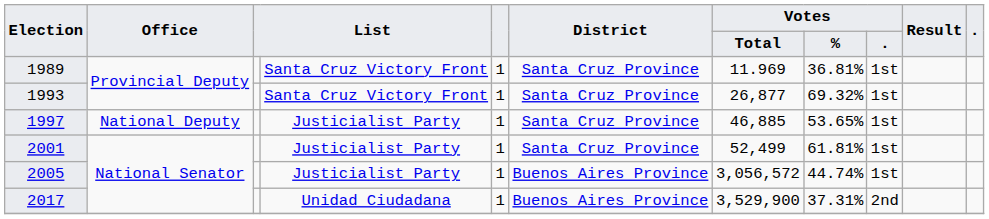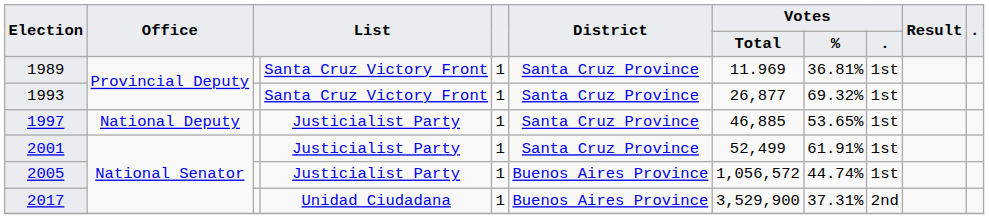 <table class="wikitable" style="font-size:90%; text-align:center;">
 <tr>
 <th style="background-color:#EAECF0;" rowspan=2>Election</th>
 <th style="background-color:#EAECF0;" rowspan=2>Office</th>
 <th style="background-color:#EAECF0;" colspan=2 rowspan=2>List</th>
 <th style="background-color:#EAECF0;" rowspan=2></th>
 <th style="background-color:#EAECF0;" rowspan=2>District</th>
 <th style="background-color:#EAECF0;" colspan=3>Votes</th>
 <th style="background-color:#EAECF0;" rowspan=2>Result</th>
 <th style="background-color:#EAECF0;" rowspan=2>.</th>
 </tr>
 <tr>
 <th style="background-color:#EAECF0;">Total</th>
 <th style="background-color:#EAECF0;">%</th>
 <th style="background-color:#EAECF0;">.</th>
 </tr>
 <tr>
 <td style="background-color:#EAECF0;">1989</td>
 <td rowspan="2"><a href='#'>Provincial Deputy</a></td>
 <td style="background-color:"></td>
 <td><a href='#'>Santa Cruz Victory Front</a></td>
 <td>1</td>
 <td><a href='#'>Santa Cruz Province</a></td>
 <td>11.969</td>
 <td>36.81%</td>
 <td>1st</td>
 <td></td>
 <td></td>
 </tr>
 <tr>
 <td style="background-color:#EAECF0;">1993</td>
 <td style="background-color:"></td>
 <td><a href='#'>Santa Cruz Victory Front</a></td>
 <td>1</td>
 <td><a href='#'>Santa Cruz Province</a></td>
 <td>26,877</td>
 <td>69.32%</td>
 <td>1st</td>
 <td></td>
 <td></td>
 </tr>
 <tr>
 <td style="background-color:#EAECF0;"><a href='#'>1997</a></td>
 <td><a href='#'>National Deputy</a></td>
 <td style="background-color:"></td>
 <td><a href='#'>Justicialist Party</a></td>
 <td>1</td>
 <td><a href='#'>Santa Cruz Province</a></td>
 <td>46,885</td>
 <td>53.65%</td>
 <td>1st</td>
 <td></td>
 <td></td>
 </tr>
 <tr>
 <td style="background-color:#EAECF0;"><a href='#'>2001</a></td>
 <td rowspan="3"><a href='#'>National Senator</a></td>
 <td style="background-color:"></td>
 <td><a href='#'>Justicialist Party</a></td>
 <td>1</td>
 <td><a href='#'>Santa Cruz Province</a></td>
 <td>52,499</td>
-<td>61.81%</td>
+<td>61.91%</td>
 <td>1st</td>
 <td></td>
 <td></td>
 </tr>
 <tr>
 <td style="background-color:#EAECF0;"><a href='#'>2005</a></td>
 <td style="background-color:"></td>
 <td><a href='#'>Justicialist Party</a></td>
 <td>1</td>
 <td><a href='#'>Buenos Aires Province</a></td>
-<td>3,056,572</td>
+<td>1,056,572</td>
 <td>44.74%</td>
 <td>1st</td>
 <td></td>
 <td></td>
 </tr>
 <tr>
 <td style="background-color:#EAECF0;"><a href='#'>2017</a></td>
 <td style="background-color:"></td>
 <td><a href='#'>Unidad Ciudadana</a></td>
 <td>1</td>
 <td><a href='#'>Buenos Aires Province</a></td>
 <td>3,529,900</td>
 <td>37.31%</td>
 <td>2nd</td>
 <td></td>
 <td></td>
 </tr>
 <tr>
 </tr>
 </table>
